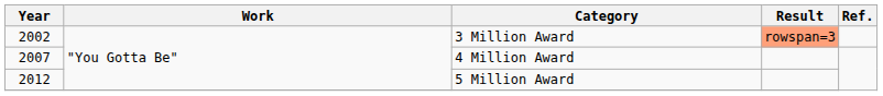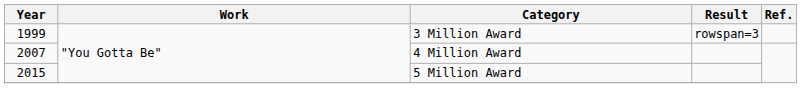 <table class="wikitable sortable">
 <tr>
 <th scope="col" style="width:4em;">Year</th>
 <th scope="col" style="width:29em;">Work</th>
 <th scope="col" style="width:23em;">Category</th>
 <th scope="col" style="width:5em;">Result</th>
 <th class=unsortable>Ref.</th>
 </tr>
 <tr>
-<td style="text-align:center;">2002</td>
+<td style="text-align:center;">1999</td>
 <td rowspan=3>"You Gotta Be"</td>
 <td>3 Million Award</td>
-<td style="background: lightsalmon;">rowspan=3 </td>
+<td>rowspan=3 </td>
 <td style="text-align:center;"></td>
 </tr>
 <tr>
 <td style="text-align:center;">2007</td>
 <td>4 Million Award</td>
 <td style="text-align:center;"></td>
 </tr>
 <tr>
-<td style="text-align:center;">2012</td>
+<td style="text-align:center;">2015</td>
 <td>5 Million Award</td>
 <td style="text-align:center;"></td>
 </tr>
 <tr>
 </tr>
 </table>
